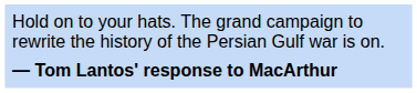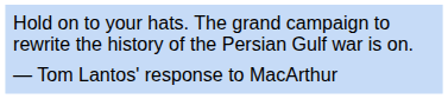 <table class="toccolours" style="float: right; margin-left: 1em; margin-right: 1em; font-size: 85%; background:#c6dbf7; color:black; width:23em; max-width: 25%;" cellspacing="5">
 <tr>
 <td style="text-align: left;">Hold on to your hats. The grand campaign to rewrite the history of the Persian Gulf war is on.</td>
 </tr>
 <tr>
-<td style="text-align: left;"><strong>— Tom Lantos' response to MacArthur</strong></td>
+<td style="text-align: left;">— Tom Lantos' response to MacArthur</td>
 </tr>
 </table>
